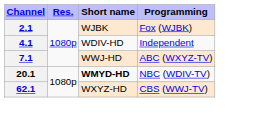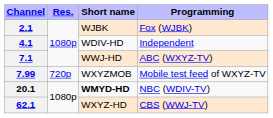 <table class="wikitable">
 <tr>
 <th style="background-color: #bdbdff" scope="col"><a href='#'>Channel</a></th>
 <th style="background-color: #bdbdff" scope="col"><a href='#'>Res.</a></th>
 <th style="background-color: #bdbdff" scope="col">Short name</th>
 <th style="background-color: #bdbdff" scope="col">Programming</th>
 </tr>
 <tr>
 <th scope="row"><a href='#'>2.1</a></th>
 <td rowspan="3"><a href='#'>1080p</a></td>
 <td style="background-color:#ffe8d0">WJBK</td>
 <td style="background-color:#ffe8d0"><a href='#'>Fox</a> (<a href='#'>WJBK</a>) </td>
 </tr>
 <tr>
 <th scope="row"><a href='#'>4.1</a></th>
 <td>WDIV-HD</td>
 <td><a href='#'>Independent</a></td>
 </tr>
 <tr>
 <th scope="row"><a href='#'>7.1</a></th>
 <td style="background-color:#ffe8d0">WWJ-HD</td>
 <td style="background-color:#ffe8d0"><a href='#'>ABC</a> (<a href='#'>WXYZ-TV</a>) </td>
 </tr>
 <tr>
+<th scope="row"><a href='#'>7.99</a></th>
+<td><a href='#'>720p</a></td>
+<td>WXYZMOB</td>
+<td><a href='#'>Mobile test feed</a> of WXYZ-TV</td>
+</tr>
+<tr>
 <th scope="row">20.1</th>
 <td rowspan=2>1080p</td>
 <td><strong>WMYD-HD</strong></td>
 <td><a href='#'>NBC</a> (<a href='#'>WDIV-TV</a>)</td>
 </tr>
 <tr>
 <th scope="row"><a href='#'>62.1</a></th>
 <td style="background-color:#ffe8d0">WXYZ-HD</td>
 <td style="background-color:#ffe8d0"><a href='#'>CBS</a> (<a href='#'>WWJ-TV</a>) </td>
 </tr>
 </table>
